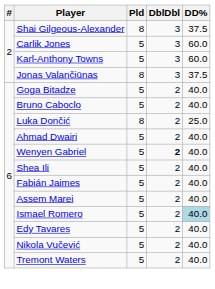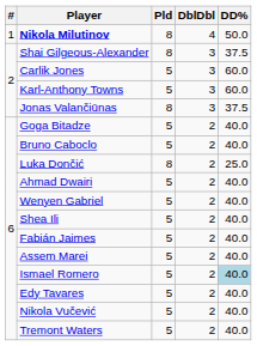 <table class=wikitable style="text-align:right; display:inline-table;">
 <tr>
 <th>#</th>
 <th>Player</th>
 <th>Pld</th>
 <th>DblDbl</th>
 <th>DD%</th>
+</tr>
+<tr>
+<td>1</td>
+<td align=left> <strong><a href='#'>Nikola Milutinov</a></strong></td>
+<td>8</td>
+<td>4</td>
+<td>50.0</td>
 </tr>
 <tr>
 <td rowspan=4>2</td>
 <td align=left> <a href='#'>Shai Gilgeous-Alexander</a></td>
 <td>8</td>
 <td>3</td>
 <td>37.5</td>
 </tr>
 <tr>
 <td align=left> <a href='#'>Carlik Jones</a></td>
 <td>5</td>
 <td>3</td>
 <td>60.0</td>
 </tr>
 <tr>
 <td align=left> <a href='#'>Karl-Anthony Towns</a></td>
 <td>5</td>
 <td>3</td>
 <td>60.0</td>
 </tr>
 <tr>
 <td align=left> <a href='#'>Jonas Valančiūnas</a></td>
 <td>8</td>
 <td>3</td>
 <td>37.5</td>
 </tr>
 <tr>
 <td rowspan=12>6</td>
 <td align=left> <a href='#'>Goga Bitadze</a></td>
 <td>5</td>
 <td>2</td>
 <td>40.0</td>
 </tr>
 <tr>
 <td align=left> <a href='#'>Bruno Caboclo</a></td>
 <td>5</td>
 <td>2</td>
 <td>40.0</td>
 </tr>
 <tr>
 <td align=left> <a href='#'>Luka Dončić</a></td>
 <td>8</td>
 <td>2</td>
 <td>25.0</td>
 </tr>
 <tr>
 <td align=left> <a href='#'>Ahmad Dwairi</a></td>
 <td>5</td>
 <td>2</td>
 <td>40.0</td>
 </tr>
 <tr>
 <td align=left> <a href='#'>Wenyen Gabriel</a></td>
 <td>5</td>
-<td><strong>2</strong></td>
+<td>2</td>
 <td>40.0</td>
 </tr>
 <tr>
 <td align=left> <a href='#'>Shea Ili</a></td>
 <td>5</td>
 <td>2</td>
 <td>40.0</td>
 </tr>
 <tr>
 <td align=left> <a href='#'>Fabián Jaimes</a></td>
 <td>5</td>
 <td>2</td>
 <td>40.0</td>
 </tr>
 <tr>
 <td align=left> <a href='#'>Assem Marei</a></td>
 <td>5</td>
 <td>2</td>
 <td>40.0</td>
 </tr>
 <tr>
 <td align=left> <a href='#'>Ismael Romero</a></td>
 <td>5</td>
 <td>2</td>
 <td style="background: lightblue;">40.0</td>
 </tr>
 <tr>
 <td align=left> <a href='#'>Edy Tavares</a></td>
 <td>5</td>
 <td>2</td>
 <td>40.0</td>
 </tr>
 <tr>
 <td align=left> <a href='#'>Nikola Vučević</a></td>
 <td>5</td>
 <td>2</td>
 <td>40.0</td>
 </tr>
 <tr>
 <td align=left> <a href='#'>Tremont Waters</a></td>
 <td>5</td>
 <td>2</td>
 <td>40.0</td>
 </tr>
 </table>
